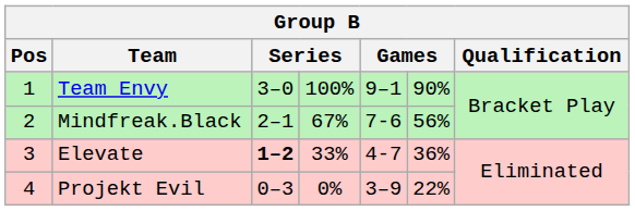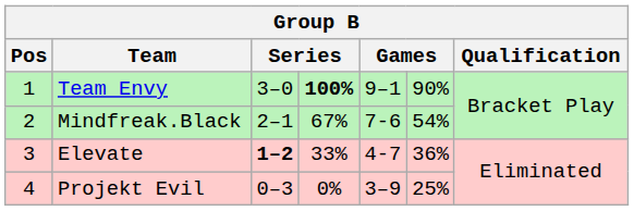 <table class="wikitable" style="display: inline-table; margin-left: 50px;width: 45%;">
 <tr>
 <th colspan="7">Group B</th>
 </tr>
 <tr>
 <th>Pos</th>
 <th>Team</th>
 <th colspan="2">Series</th>
 <th colspan="2">Games</th>
 <th>Qualification</th>
 </tr>
 <tr>
 <td style="text-align:center; background:#BBF3BB;">1</td>
 <td style="text-align:left; background:#BBF3BB;"><a href='#'>Team Envy</a></td>
 <td style="text-align:center; background:#BBF3BB;">3–0</td>
-<td style="text-align:center; background:#BBF3BB;">100%</td>
+<td style="text-align:center; background:#BBF3BB;"><strong>100%</strong></td>
 <td style="text-align:center; background:#BBF3BB;">9–1</td>
 <td style="text-align:center; background:#BBF3BB;">90%</td>
 <td style="text-align:center; background:#BBF3BB;" rowspan="2">Bracket Play</td>
 </tr>
 <tr>
 <td style="text-align:center; background:#BBF3BB;">2</td>
 <td style="text-align:left; background:#BBF3BB;">Mindfreak.Black</td>
 <td style="text-align:center; background:#BBF3BB;">2–1</td>
 <td style="text-align:center; background:#BBF3BB;">67%</td>
 <td style="text-align:center; background:#BBF3BB;">7-6</td>
-<td style="text-align:center; background:#BBF3BB;">56%</td>
+<td style="text-align:center; background:#BBF3BB;">54%</td>
 </tr>
 <tr>
 <td style="text-align:center; background:#FFCCCC;">3</td>
 <td style="text-align:left; background:#FFCCCC;">Elevate</td>
 <td style="text-align:center; background:#FFCCCC;"><strong>1–2</strong></td>
 <td style="text-align:center; background:#FFCCCC;">33%</td>
 <td style="text-align:center; background:#FFCCCC;">4-7</td>
 <td style="text-align:center; background:#FFCCCC;">36%</td>
 <td style="text-align:center; background:#FFCCCC;" rowspan="2">Eliminated</td>
 </tr>
 <tr>
 <td style="text-align:center; background:#FFCCCC;">4</td>
 <td style="text-align:left; background:#FFCCCC;">Projekt Evil</td>
 <td style="text-align:center; background:#FFCCCC;">0–3</td>
 <td style="text-align:center; background:#FFCCCC;">0%</td>
 <td style="text-align:center; background:#FFCCCC;">3–9</td>
-<td style="text-align:center; background:#FFCCCC;">22%</td>
+<td style="text-align:center; background:#FFCCCC;">25%</td>
 </tr>
 </table>
